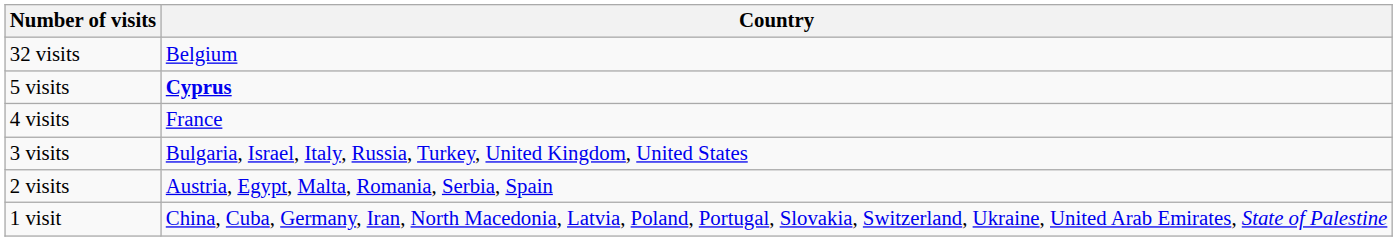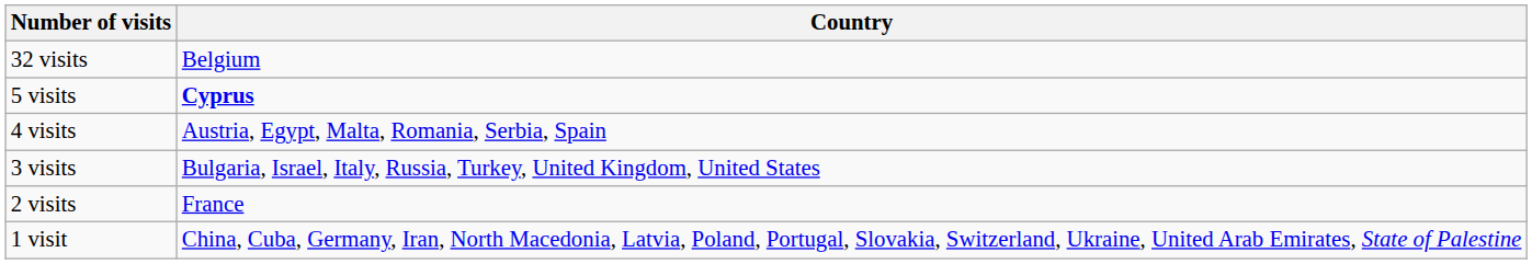 <table class="wikitable" style="margin: 1em auto 1em auto">
 <tr>
 <th>Number of visits</th>
 <th>Country</th>
 </tr>
 <tr>
 <td>32 visits</td>
 <td><a href='#'>Belgium</a></td>
 </tr>
 <tr>
 <td>5 visits</td>
 <td><strong><a href='#'>Cyprus</a></strong></td>
 </tr>
 <tr>
 <td>4 visits</td>
-<td><a href='#'>France</a></td>
+<td><a href='#'>Austria</a>, <a href='#'>Egypt</a>, <a href='#'>Malta</a>, <a href='#'>Romania</a>, <a href='#'>Serbia</a>, <a href='#'>Spain</a></td>
 </tr>
 <tr>
 <td>3 visits</td>
 <td><a href='#'>Bulgaria</a>, <a href='#'>Israel</a>, <a href='#'>Italy</a>, <a href='#'>Russia</a>, <a href='#'>Turkey</a>, <a href='#'>United Kingdom</a>, <a href='#'>United States</a></td>
 </tr>
 <tr>
 <td>2 visits</td>
-<td><a href='#'>Austria</a>, <a href='#'>Egypt</a>, <a href='#'>Malta</a>, <a href='#'>Romania</a>, <a href='#'>Serbia</a>, <a href='#'>Spain</a></td>
+<td><a href='#'>France</a></td>
 </tr>
 <tr>
 <td>1 visit</td>
 <td><a href='#'>China</a>, <a href='#'>Cuba</a>, <a href='#'>Germany</a>, <a href='#'>Iran</a>, <a href='#'>North Macedonia</a>, <a href='#'>Latvia</a>, <a href='#'>Poland</a>, <a href='#'>Portugal</a>, <a href='#'>Slovakia</a>, <a href='#'>Switzerland</a>, <a href='#'>Ukraine</a>, <a href='#'>United Arab Emirates</a>, <em><a href='#'>State of Palestine</a></em></td>
 </tr>
 </table>
